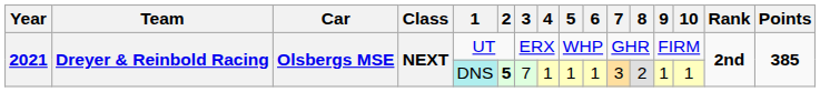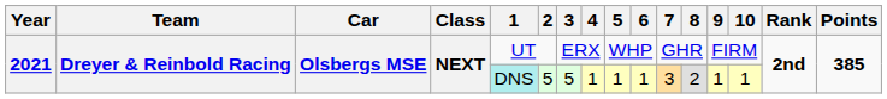 <table class="wikitable" style="text-align:center; font-size:90%;">
 <tr valign="top">
 <th>Year</th>
 <th>Team</th>
 <th>Car</th>
 <th>Class</th>
 <th>1</th>
 <th>2</th>
 <th>3</th>
 <th>4</th>
 <th>5</th>
 <th>6</th>
 <th>7</th>
 <th>8</th>
 <th>9</th>
 <th>10</th>
 <th>Rank</th>
 <th>Points</th>
 </tr>
 <tr>
 <th rowspan=2><a href='#'>2021</a></th>
 <th rowspan=2><a href='#'>Dreyer & Reinbold Racing</a></th>
 <th rowspan=2><a href='#'>Olsbergs MSE</a></th>
 <th rowspan=2>NEXT</th>
 <td colspan=2><a href='#'>UT</a></td>
 <td colspan=2><a href='#'>ERX</a></td>
 <td colspan=2><a href='#'>WHP</a></td>
 <td colspan=2><a href='#'>GHR</a></td>
 <td colspan=2><a href='#'>FIRM</a></td>
 <td rowspan=2><strong>2nd</strong></td>
 <td rowspan=2><strong>385</strong></td>
 </tr>
 <tr>
 <td style="background: paleturquoise;">DNS</td>
-<td style="background:#DFFFDF;"><strong>5</strong></td>
-<td style="background:#DFFFDF;">7</td>
+<td style="background:#DFFFDF;">5</td>
+<td style="background:#DFFFDF;">5</td>
 <td style="background:#FFFFBF;">1</td>
 <td style="background:#FFFFBF;">1</td>
 <td style="background:#FFFFBF;">1</td>
 <td style="background:#FFDF9F;">3</td>
 <td style="background:#DFDFDF;">2</td>
 <td style="background:#FFFFBF;">1</td>
 <td style="background:#FFFFBF;">1</td>
 </tr>
 </table>
